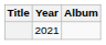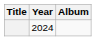 <table class="wikitable plainrowheaders" style="text-align:center;">
 <tr>
 <th scope="col">Title</th>
 <th scope="col">Year</th>
 <th scope="col">Album</th>
 </tr>
 <tr>
 <th scope="row"></th>
-<td>2021</td>
+<td>2024</td>
 <td></td>
 </tr>
 </table>
